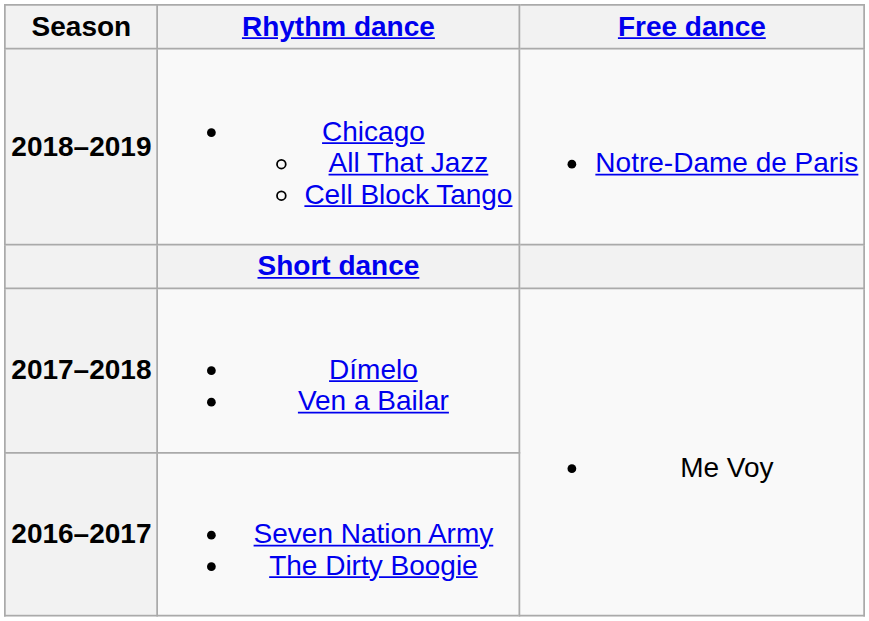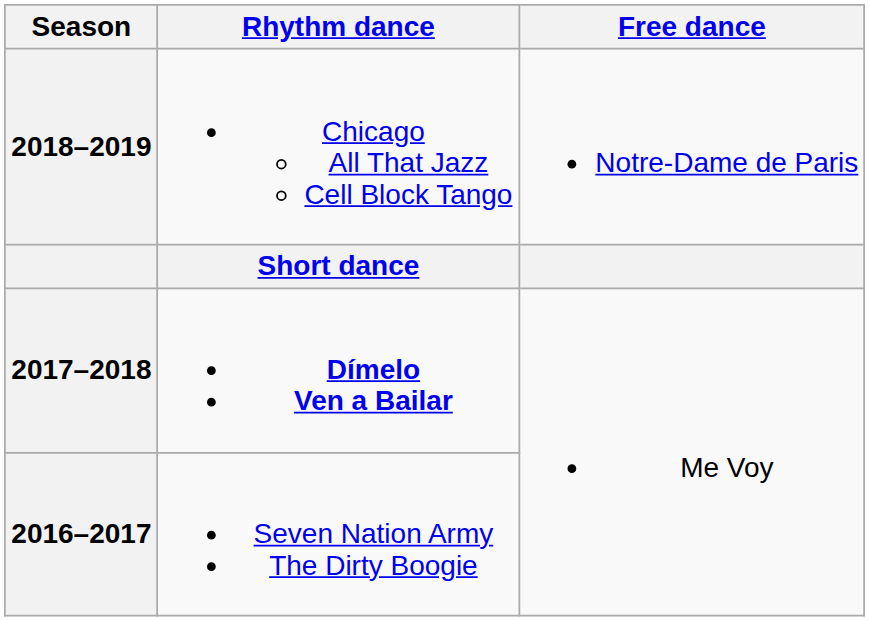 <table class=wikitable style=text-align:center>
 <tr>
 <th>Season</th>
 <th><a href='#'>Rhythm dance</a></th>
 <th><a href='#'>Free dance</a></th>
 </tr>
 <tr>
 <th>2018–2019 <br> </th>
 <td><br><ul><li><a href='#'>Chicago</a> <br><ul><li> <a href='#'>All That Jazz</a></li><li> <a href='#'>Cell Block Tango</a> <br></li></ul></li></ul></td>
 <td><br><ul><li><a href='#'>Notre-Dame de Paris</a> <br></li></ul></td>
 </tr>
 <tr>
 <th></th>
 <th><a href='#'>Short dance</a></th>
 <th></th>
 </tr>
 <tr>
 <th>2017–2018 <br> </th>
-<td><br><ul><li> <a href='#'>Dímelo</a> <br></li><li> <a href='#'>Ven a Bailar</a> <br></li></ul></td>
+<td><strong><br><ul><li> <a href='#'>Dímelo</a> <br></li><li> <a href='#'>Ven a Bailar</a> <br></li></ul></strong></td>
 <td rowspan=2><br><ul><li>Me Voy <br></li></ul></td>
 </tr>
 <tr>
 <th>2016–2017 <br> </th>
 <td><br><ul><li> <a href='#'>Seven Nation Army</a></li><li> <a href='#'>The Dirty Boogie</a> <br></li></ul></td>
 </tr>
 </table>
